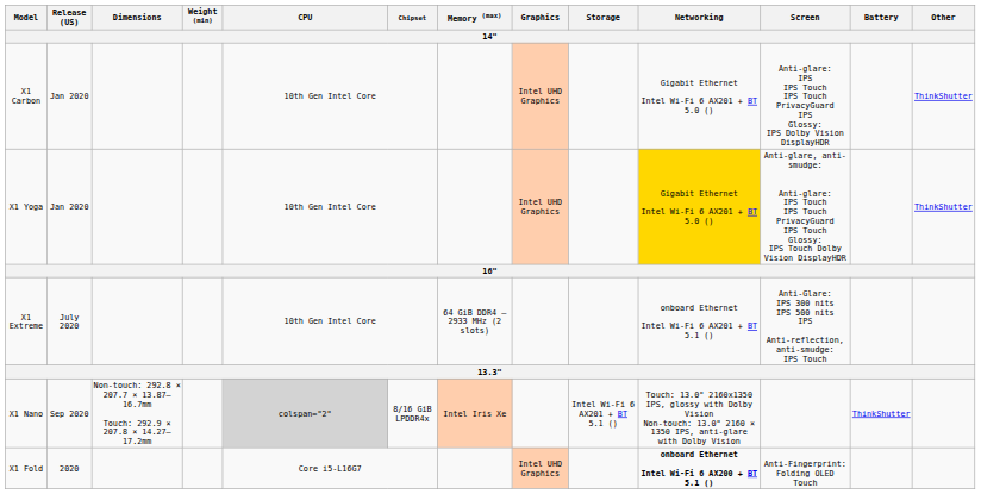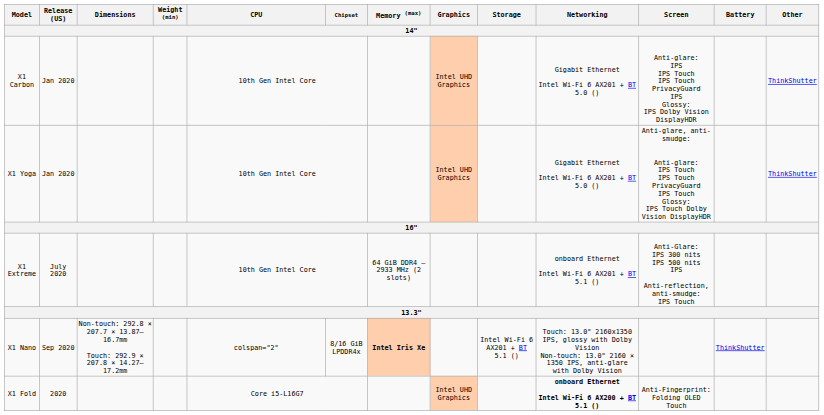 <table class="wikitable" style="font-size: 80%; text-align: center; min-width: 80%;">
 <tr>
 <th>Model</th>
 <th>Release (US)</th>
 <th>Dimensions</th>
 <th>Weight <sup>(min)</sup></th>
 <th style="width:17%">CPU</th>
 <th><small>Chipset</small></th>
 <th>Memory <sup>(max)</sup></th>
 <th>Graphics</th>
 <th>Storage</th>
 <th>Networking</th>
 <th>Screen</th>
 <th>Battery</th>
 <th>Other</th>
 </tr>
 <tr>
 <th colspan=13>14"</th>
 </tr>
 <tr>
 <td>X1 Carbon  </td>
 <td>Jan 2020</td>
 <td></td>
 <td></td>
 <td colspan="2" style="background:">10th Gen Intel Core</td>
 <td></td>
 <td style="background:#ffcead;">Intel UHD Graphics</td>
 <td></td>
 <td> Gigabit Ethernet<br><br>Intel Wi-Fi 6 AX201 + <a href='#'>BT</a> 5.0 ()<br><small></small></td>
 <td style="background:"><br><br>Anti-glare: <br>  IPS<br>  IPS Touch<br>  IPS Touch PrivacyGuard<br>  IPS<br> Glossy: <br>  IPS Dolby Vision DisplayHDR<br></td>
 <td></td>
 <td><a href='#'>ThinkShutter</a><br></td>
 </tr>
 <tr>
 <td>X1 Yoga  </td>
 <td>Jan 2020</td>
 <td></td>
 <td></td>
 <td colspan="2" style="background:">10th Gen Intel Core</td>
 <td></td>
 <td style="background:#ffcead;">Intel UHD Graphics</td>
 <td></td>
-<td style="background: gold;"> Gigabit Ethernet<br><br>Intel Wi-Fi 6 AX201 + <a href='#'>BT</a> 5.0 ()<br><small></small></td>
+<td> Gigabit Ethernet<br><br>Intel Wi-Fi 6 AX201 + <a href='#'>BT</a> 5.0 ()<br><small></small></td>
 <td style="background:">Anti-glare, anti-smudge: <br><br><br>Anti-glare: <br>  IPS Touch<br>  IPS Touch PrivacyGuard<br>  IPS Touch<br> Glossy: <br>  IPS Touch Dolby Vision DisplayHDR<br></td>
 <td></td>
 <td><a href='#'>ThinkShutter</a><br></td>
 </tr>
 <tr>
 <th colspan=13>16"</th>
 </tr>
 <tr>
 <td>X1 Extreme  </td>
 <td>July 2020</td>
 <td></td>
 <td></td>
 <td colspan="2" style="background:">10th Gen Intel Core</td>
 <td style="background:">64 GiB DDR4 — 2933 MHz (2 slots)</td>
 <td></td>
 <td></td>
 <td> onboard Ethernet<br><br>Intel Wi-Fi 6 AX201 + <a href='#'>BT</a> 5.1 ()<br><small></small></td>
 <td style="background:"><br>Anti-Glare: <br>  IPS 300 nits<br>  IPS 500 nits<br>  IPS<br> <br>Anti-reflection, anti-smudge: <br>  IPS Touch</td>
 <td></td>
 <td></td>
 </tr>
 <tr>
 <th colspan=13>13.3"</th>
 </tr>
 <tr>
 <td>X1 Nano  </td>
 <td>Sep 2020</td>
 <td>Non-touch: 292.8 × 207.7 × 13.87–16.7mm<br><br>Touch: 292.9 × 207.8 × 14.27–17.2mm</td>
 <td></td>
-<td style="background: lightgrey;">colspan="2" </td>
+<td>colspan="2" </td>
 <td style="background:">8/16 GiB LPDDR4x <br></td>
-<td style="background:#ffcead;">Intel Iris Xe</td>
+<td style="background:#ffcead;"><strong>Intel Iris Xe</strong></td>
 <td></td>
 <td>Intel Wi-Fi 6 AX201 + <a href='#'>BT</a> 5.1 ()<br><small></small></td>
 <td style="background:"><br>Touch: 13.0" 2160x1350 IPS, glossy with Dolby Vision<br>Non-touch: 13.0" 2160 × 1350 IPS, anti-glare with Dolby Vision</td>
 <td></td>
 <td><a href='#'>ThinkShutter</a><br></td>
 </tr>
 <tr>
 <td>X1 Fold  </td>
 <td>2020</td>
 <td></td>
 <td></td>
 <td colspan="2" style="background:">Core i5-L16G7</td>
 <td></td>
 <td style="background:#ffcead;">Intel UHD Graphics</td>
 <td></td>
 <td><strong> onboard Ethernet<br><br>Intel Wi-Fi 6 AX200 + <a href='#'>BT</a> 5.1 ()<br><small></small></strong></td>
 <td style="background:"><br>Anti-Fingerprint: <br>  Folding OLED Touch<br></td>
 <td></td>
 <td></td>
 </tr>
 </table>
